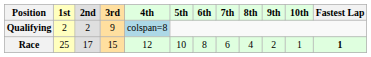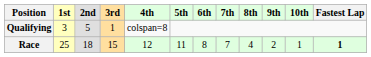 <table class="wikitable" style="font-size:85%; text-align:center">
 <tr>
 <th>Position</th>
 <td style="background:#ffffbf;"> <strong>1st</strong> </td>
 <td style="background:#dfdfdf;"> <strong>2nd</strong> </td>
 <td style="background:#ffdf9f;"> <strong>3rd</strong> </td>
 <td style="background:#dfffdf;"> <strong>4th</strong> </td>
 <td style="background:#dfffdf;"> <strong>5th</strong> </td>
 <td style="background:#dfffdf;"> <strong>6th</strong> </td>
 <td style="background:#dfffdf;"> <strong>7th</strong> </td>
 <td style="background:#dfffdf;"> <strong>8th</strong> </td>
 <td style="background:#dfffdf;"> <strong>9th</strong> </td>
 <td style="background:#dfffdf;"> <strong>10th</strong> </td>
 <th>Fastest Lap</th>
 </tr>
 <tr>
 <th>Qualifying</th>
-<td style="background:#ffffbf;">2</td>
-<td style="background:#dfdfdf;">2</td>
-<td style="background:#ffdf9f;">9</td>
-<td style="background: lightblue;">colspan=8 </td>
+<td style="background:#ffffbf;">3</td>
+<td style="background:#dfdfdf;">5</td>
+<td style="background:#ffdf9f;">1</td>
+<td>colspan=8 </td>
 </tr>
 <tr>
 <th>Race</th>
 <td style="background:#FFFFBF;">25</td>
-<td style="background:#DFDFDF;">17</td>
+<td style="background:#DFDFDF;">18</td>
 <td style="background:#FFDF9F;">15</td>
 <td style="background:#DFFFDF;">12</td>
-<td style="background:#DFFFDF;">10</td>
+<td style="background:#DFFFDF;">11</td>
 <td style="background:#DFFFDF;">8</td>
-<td style="background:#DFFFDF;">6</td>
+<td style="background:#DFFFDF;">7</td>
 <td style="background:#DFFFDF;">4</td>
 <td style="background:#DFFFDF;">2</td>
 <td style="background:#DFFFDF;">1</td>
 <td style="background:#DFFFDF;"><strong>1</strong></td>
 </tr>
 </table>
